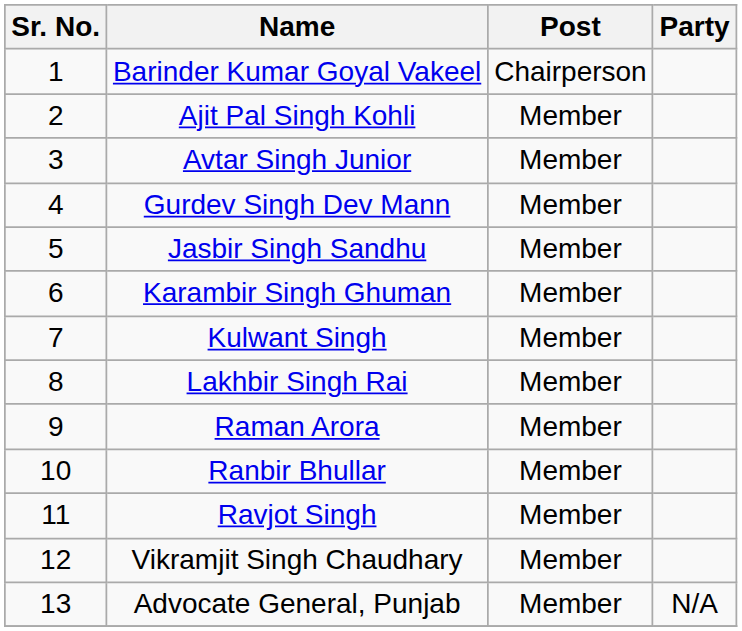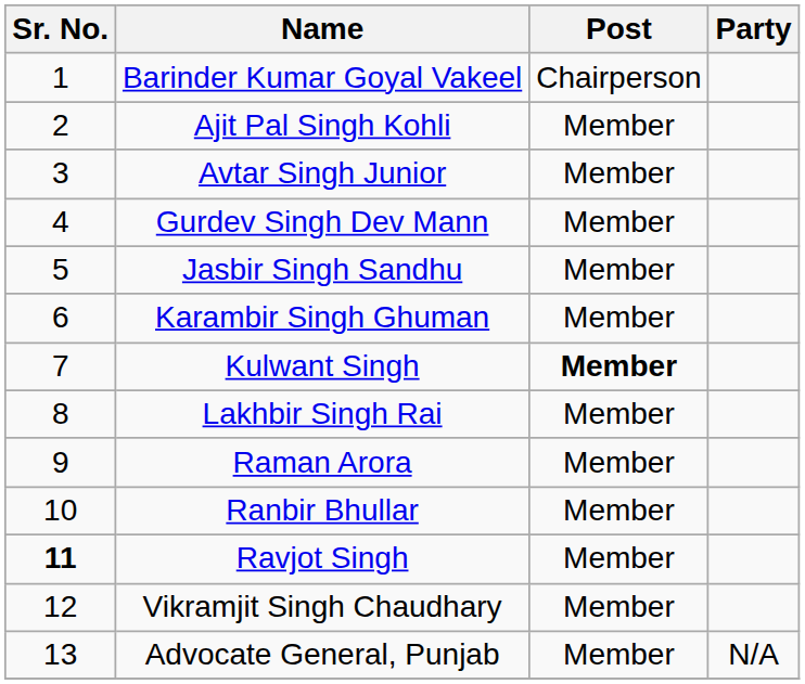 <table class="wikitable sortable">
 <tr>
 <th>Sr. No.</th>
 <th>Name</th>
 <th>Post</th>
 <th colspan="2">Party</th>
 </tr>
 <tr align="center">
 <td>1</td>
 <td><a href='#'>Barinder Kumar Goyal Vakeel</a></td>
 <td>Chairperson</td>
 <td></td>
 </tr>
 <tr align="center">
 <td>2</td>
 <td><a href='#'>Ajit Pal Singh Kohli</a></td>
 <td>Member</td>
 <td></td>
 </tr>
 <tr align="center">
 <td>3</td>
 <td><a href='#'>Avtar Singh Junior</a></td>
 <td>Member</td>
 <td></td>
 </tr>
 <tr align="center">
 <td>4</td>
 <td><a href='#'>Gurdev Singh Dev Mann</a></td>
 <td>Member</td>
 <td></td>
 </tr>
 <tr align="center">
 <td>5</td>
 <td><a href='#'>Jasbir Singh Sandhu</a></td>
 <td>Member</td>
 <td></td>
 </tr>
 <tr align="center">
 <td>6</td>
 <td><a href='#'>Karambir Singh Ghuman</a></td>
 <td>Member</td>
 <td></td>
 </tr>
 <tr align="center">
 <td>7</td>
 <td><a href='#'>Kulwant Singh</a></td>
-<td>Member</td>
+<td><strong>Member</strong></td>
 <td></td>
 </tr>
 <tr align="center">
 <td>8</td>
 <td><a href='#'>Lakhbir Singh Rai</a></td>
 <td>Member</td>
 <td></td>
 </tr>
 <tr align="center">
 <td>9</td>
 <td><a href='#'>Raman Arora</a></td>
 <td>Member</td>
 <td></td>
 </tr>
 <tr align="center">
 <td>10</td>
 <td><a href='#'>Ranbir Bhullar</a></td>
 <td>Member</td>
 <td></td>
 </tr>
 <tr align="center">
-<td>11</td>
+<td><strong>11</strong></td>
 <td><a href='#'>Ravjot Singh</a></td>
 <td>Member</td>
 <td></td>
 </tr>
 <tr align="center">
 <td>12</td>
 <td>Vikramjit Singh Chaudhary</td>
 <td>Member</td>
 <td></td>
 </tr>
 <tr align="center">
 <td>13</td>
 <td>Advocate General, Punjab</td>
 <td>Member</td>
 <td colspan=2>N/A</td>
 </tr>
 <tr align="center">
 </tr>
 </table>
